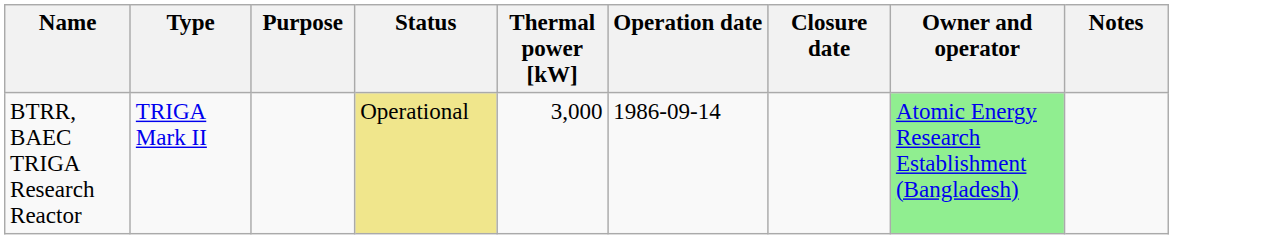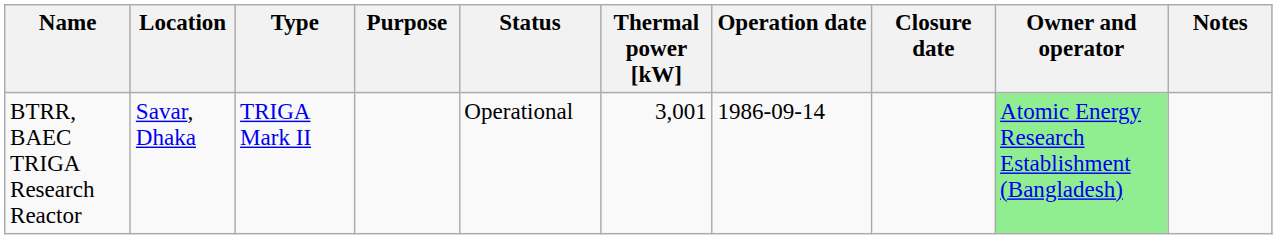 <table class="wikitable" >
 <tr valign="top">
 <th width="80">Name</th>
+<th width="65">Location</th>
 <th width="76">Type</th>
 <th width="65">Purpose</th>
 <th width="91">Status</th>
 <th width="70“">Thermal power [kW]</th>
 <th width=„67“>Operation date</th>
 <th width="78“">Closure date</th>
 <th width="113“">Owner and operator</th>
 <th width="65">Notes</th>
 </tr>
 <tr valign="top">
 <td>BTRR, BAEC TRIGA Research Reactor</td>
+<td><a href='#'>Savar</a>, <a href='#'>Dhaka</a></td>
 <td><a href='#'>TRIGA Mark II</a></td>
 <td></td>
-<td style="background: khaki;">Operational</td>
-<td align="right">3,000</td>
+<td>Operational</td>
+<td align="right">3,001</td>
 <td>1986-09-14</td>
 <td></td>
 <td style="background: lightgreen;"><a href='#'>Atomic Energy Research Establishment (Bangladesh)</a></td>
 <td></td>
 </tr>
 </table>
